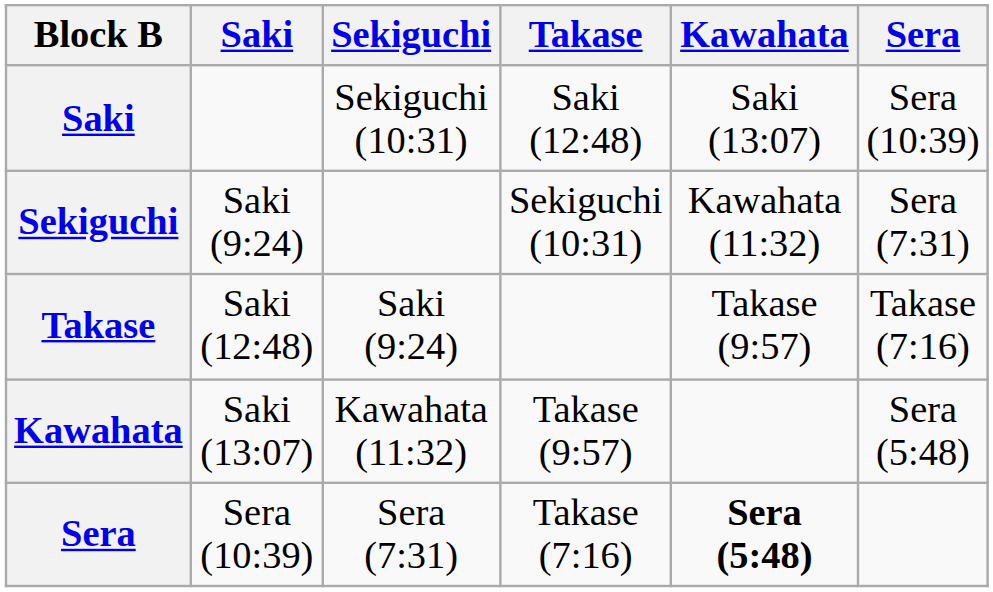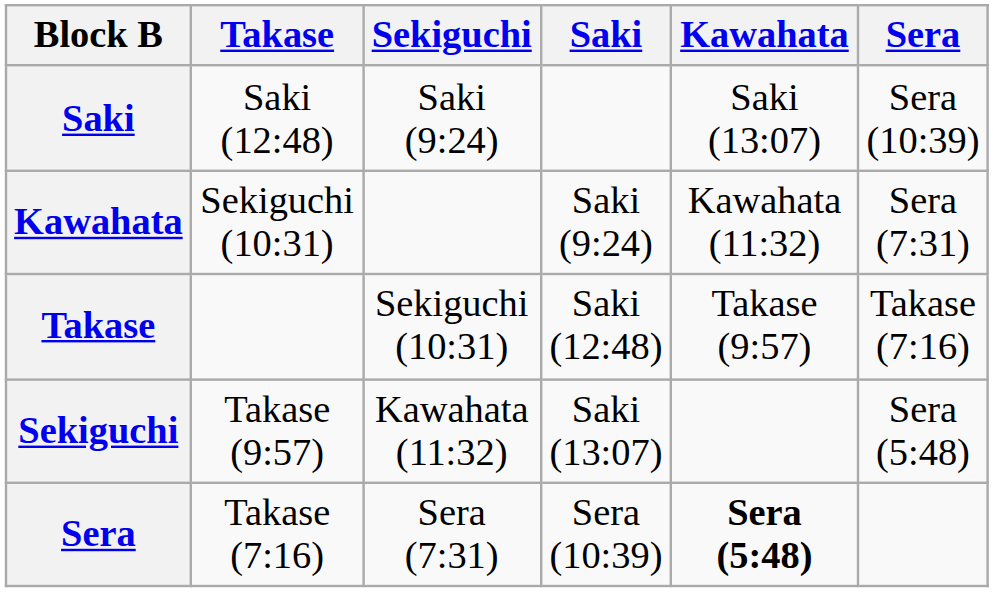 <table class="wikitable" style="text-align:center; margin: 1em auto 1em auto;" width="25%">
 <tr>
 <th>Block B</th>
+<th><a href='#'>Takase</a></th>
+<th><a href='#'>Sekiguchi</a></th>
 <th><a href='#'>Saki</a></th>
-<th><a href='#'>Sekiguchi</a></th>
-<th><a href='#'>Takase</a></th>
 <th><a href='#'>Kawahata</a></th>
 <th><a href='#'>Sera</a></th>
 </tr>
 <tr>
 <th><a href='#'>Saki</a></th>
+<td>Saki<br>(12:48)</td>
+<td>Saki<br>(9:24)</td>
 <td></td>
-<td>Sekiguchi<br>(10:31)</td>
-<td>Saki<br>(12:48)</td>
 <td>Saki<br>(13:07)</td>
 <td>Sera<br>(10:39)</td>
 </tr>
 <tr>
-<th><a href='#'>Sekiguchi</a></th>
+<th><a href='#'>Kawahata</a></th>
+<td>Sekiguchi<br>(10:31)</td>
+<td></td>
 <td>Saki<br>(9:24)</td>
-<td></td>
-<td>Sekiguchi<br>(10:31)</td>
 <td>Kawahata<br>(11:32)</td>
 <td>Sera<br>(7:31)</td>
 </tr>
 <tr>
 <th><a href='#'>Takase</a></th>
+<td></td>
+<td>Sekiguchi<br>(10:31)</td>
 <td>Saki<br>(12:48)</td>
-<td>Saki<br>(9:24)</td>
-<td></td>
 <td>Takase<br>(9:57)</td>
 <td>Takase<br>(7:16)</td>
 </tr>
 <tr>
-<th><a href='#'>Kawahata</a></th>
+<th><a href='#'>Sekiguchi</a></th>
+<td>Takase<br>(9:57)</td>
+<td>Kawahata<br>(11:32)</td>
 <td>Saki<br>(13:07)</td>
-<td>Kawahata<br>(11:32)</td>
-<td>Takase<br>(9:57)</td>
 <td></td>
 <td>Sera<br>(5:48)</td>
 </tr>
 <tr>
 <th><a href='#'>Sera</a></th>
+<td>Takase<br>(7:16)</td>
+<td>Sera<br>(7:31)</td>
 <td>Sera<br>(10:39)</td>
-<td>Sera<br>(7:31)</td>
-<td>Takase<br>(7:16)</td>
 <td><strong>Sera<br>(5:48)</strong></td>
 <td></td>
 </tr>
 </table>
